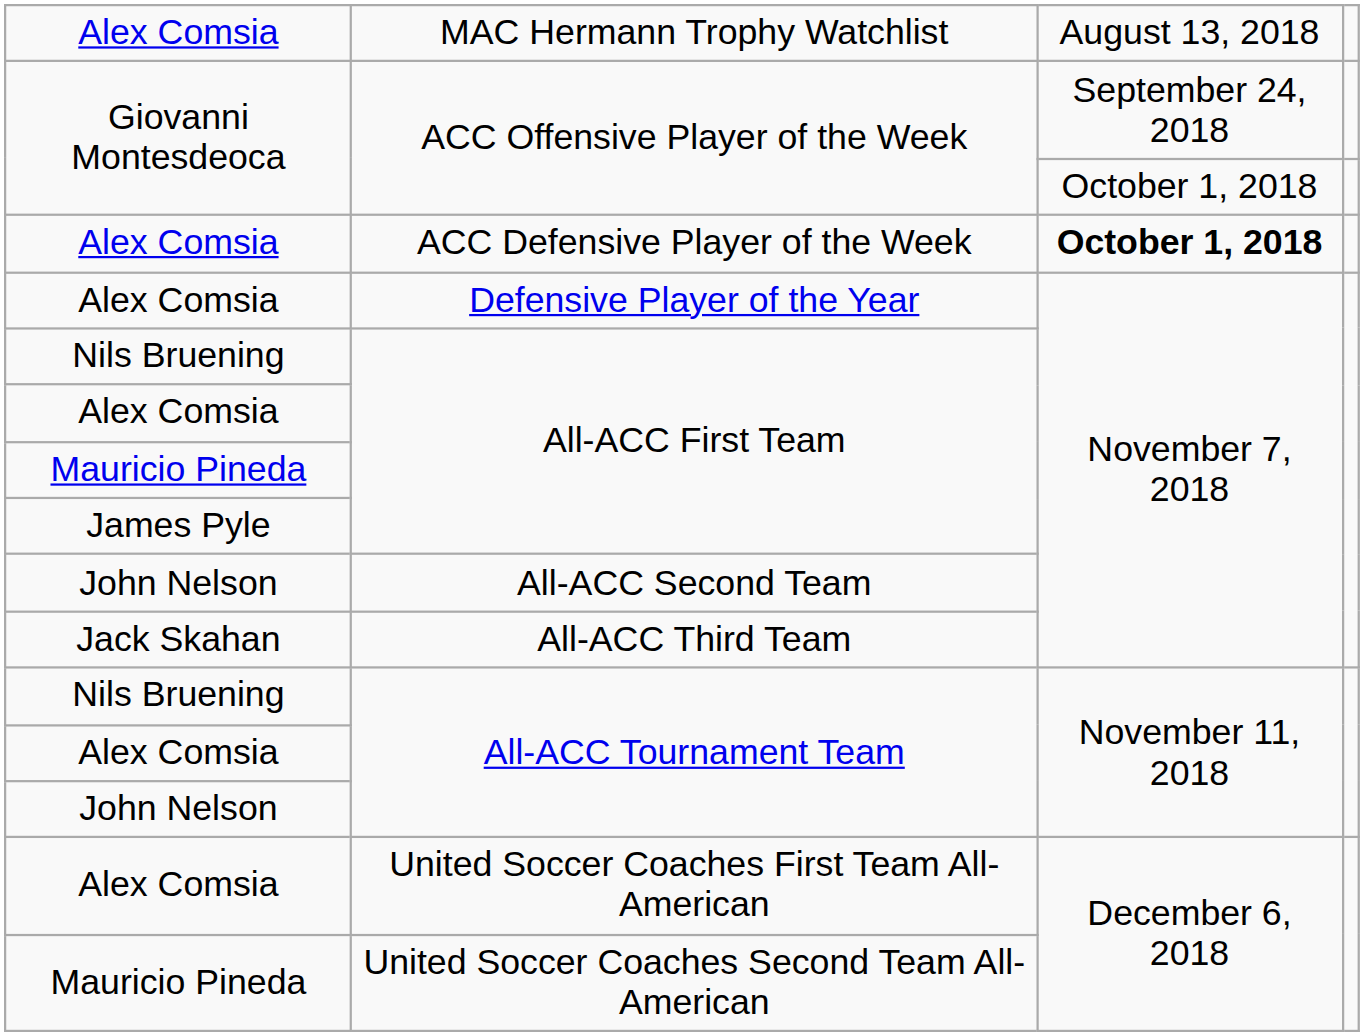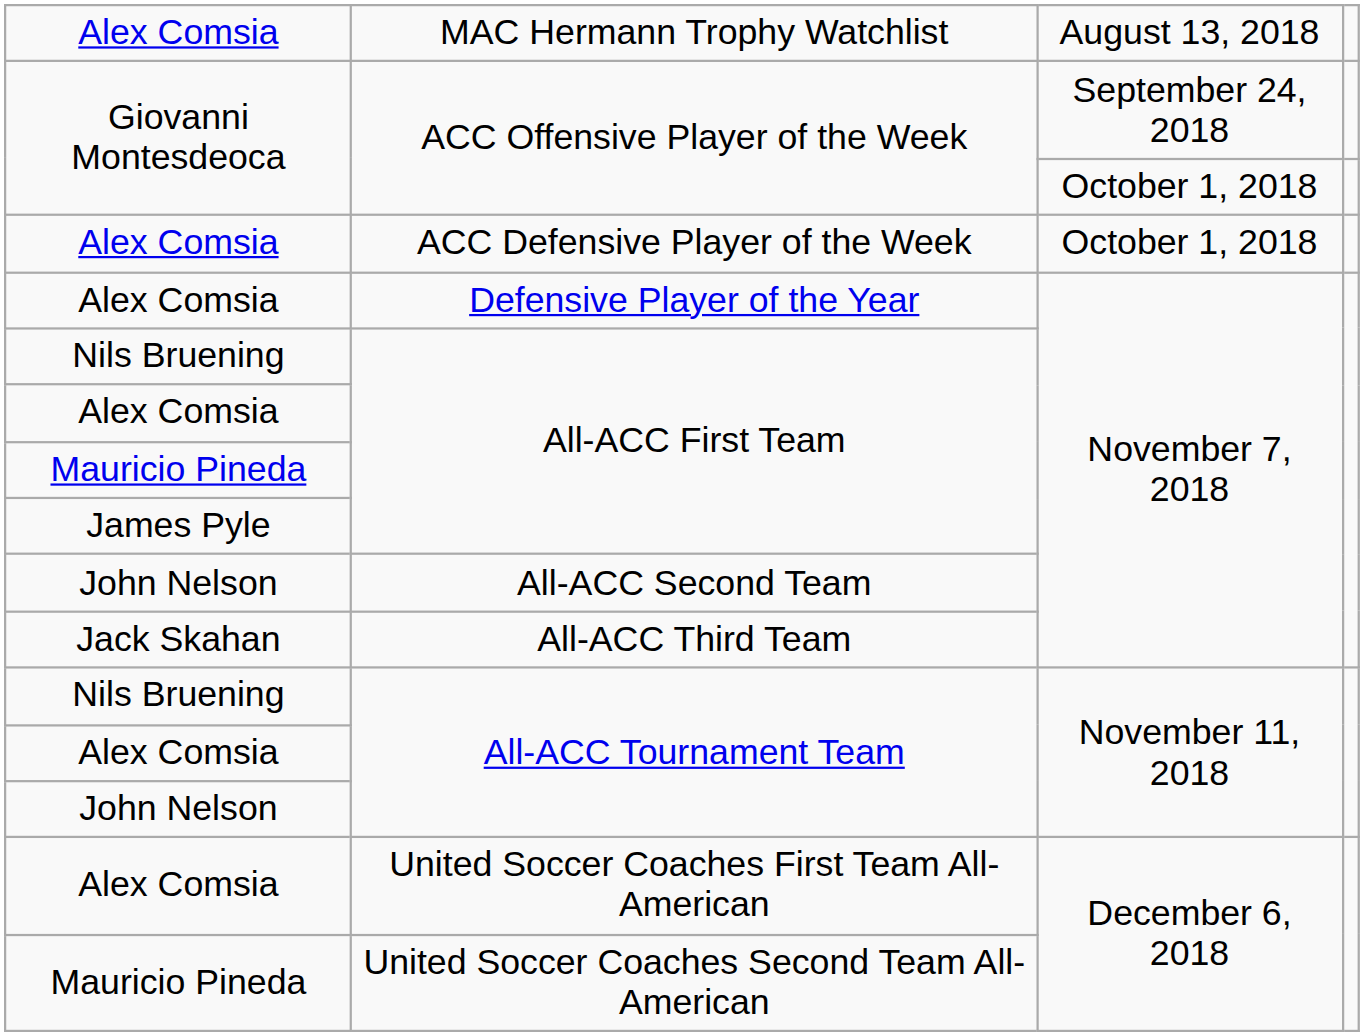 <table class="wikitable sortable" style="text-align: center">
 <tr>
 <td><a href='#'>Alex Comsia</a></td>
 <td>MAC Hermann Trophy Watchlist</td>
 <td>August 13, 2018</td>
 <td></td>
 </tr>
 <tr>
 <td rowspan=2>Giovanni Montesdeoca</td>
 <td rowspan=2>ACC Offensive Player of the Week</td>
 <td>September 24, 2018</td>
 <td></td>
 </tr>
 <tr>
 <td>October 1, 2018</td>
 <td></td>
 </tr>
 <tr>
 <td><a href='#'>Alex Comsia</a></td>
 <td>ACC Defensive Player of the Week</td>
-<td><strong>October 1, 2018</strong></td>
+<td>October 1, 2018</td>
 <td></td>
 </tr>
 <tr>
 <td>Alex Comsia</td>
 <td><a href='#'>Defensive Player of the Year</a></td>
 <td rowspan=7>November 7, 2018</td>
 <td rowspan=7></td>
 </tr>
 <tr>
 <td>Nils Bruening</td>
 <td rowspan=4>All-ACC First Team</td>
 </tr>
 <tr>
 <td>Alex Comsia</td>
 </tr>
 <tr>
 <td><a href='#'>Mauricio Pineda</a></td>
 </tr>
 <tr>
 <td>James Pyle</td>
 </tr>
 <tr>
 <td>John Nelson</td>
 <td>All-ACC Second Team</td>
 </tr>
 <tr>
 <td>Jack Skahan</td>
 <td>All-ACC Third Team</td>
 </tr>
 <tr>
 <td>Nils Bruening</td>
 <td rowspan=3><a href='#'>All-ACC Tournament Team</a></td>
 <td rowspan=3>November 11, 2018</td>
 <td rowspan=3></td>
 </tr>
 <tr>
 <td>Alex Comsia</td>
 </tr>
 <tr>
 <td>John Nelson</td>
 </tr>
 <tr>
 <td>Alex Comsia</td>
 <td>United Soccer Coaches First Team All-American</td>
 <td rowspan=2>December 6, 2018</td>
 <td rowspan=2></td>
 </tr>
 <tr>
 <td>Mauricio Pineda</td>
 <td>United Soccer Coaches Second Team All-American</td>
 </tr>
 </table>
